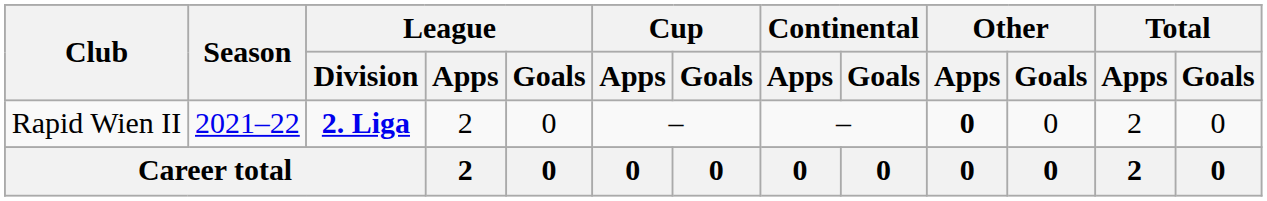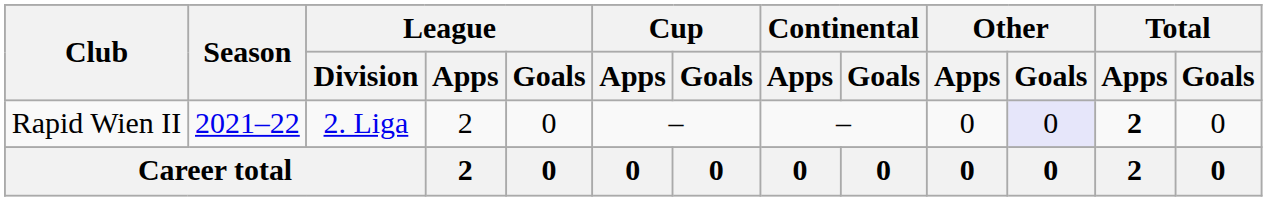 <table class="wikitable" style="text-align: center">
 <tr>
 <th rowspan="2">Club</th>
 <th rowspan="2">Season</th>
 <th colspan="3">League</th>
 <th colspan="2">Cup</th>
 <th colspan="2">Continental</th>
 <th colspan="2">Other</th>
 <th colspan="2">Total</th>
 </tr>
 <tr>
 <th>Division</th>
 <th>Apps</th>
 <th>Goals</th>
 <th>Apps</th>
 <th>Goals</th>
 <th>Apps</th>
 <th>Goals</th>
 <th>Apps</th>
 <th>Goals</th>
 <th>Apps</th>
 <th>Goals</th>
 </tr>
 <tr>
 <td>Rapid Wien II</td>
 <td><a href='#'>2021–22</a></td>
-<td><strong><a href='#'>2. Liga</a></strong></td>
+<td><a href='#'>2. Liga</a></td>
 <td>2</td>
 <td>0</td>
 <td colspan="2">–</td>
 <td colspan="2">–</td>
-<td><strong>0</strong></td>
 <td>0</td>
-<td>2</td>
+<td style="background: lavender;">0</td>
+<td><strong>2</strong></td>
 <td>0</td>
 </tr>
 <tr>
 <th colspan="3"><strong>Career total</strong></th>
 <th>2</th>
 <th>0</th>
 <th>0</th>
 <th>0</th>
 <th>0</th>
 <th>0</th>
 <th>0</th>
 <th>0</th>
 <th>2</th>
 <th>0</th>
 </tr>
 </table>
